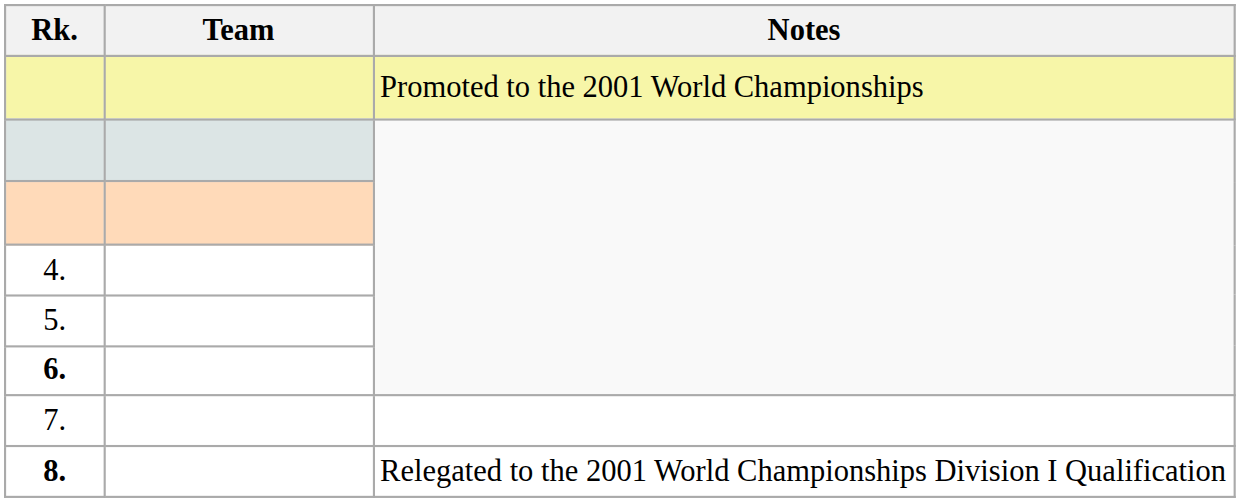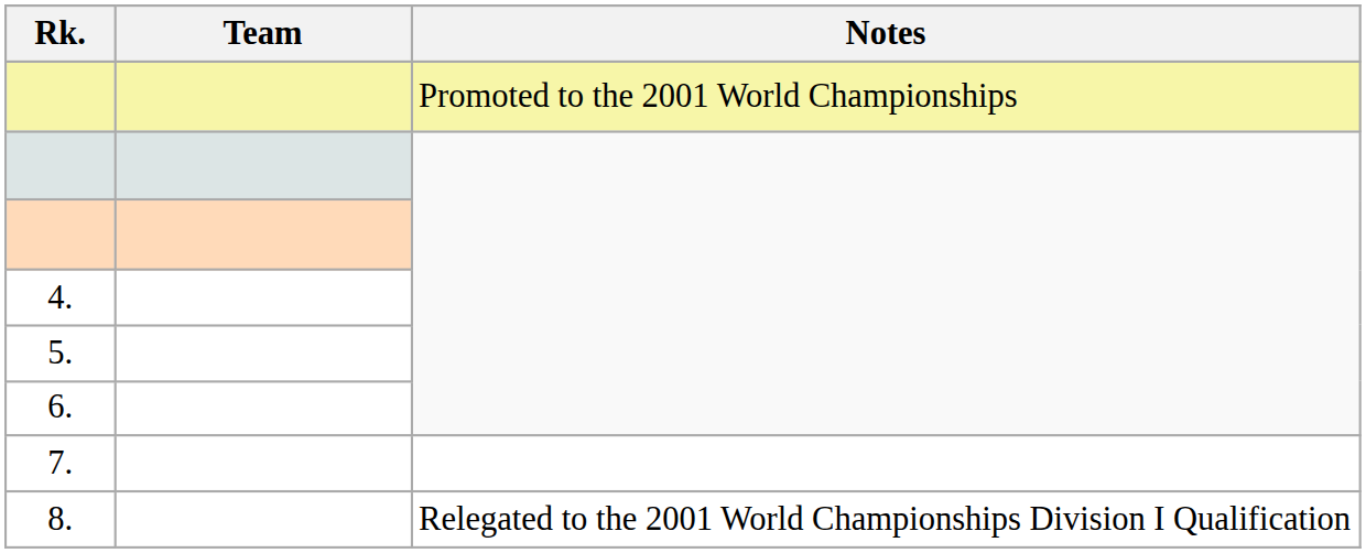 <table class="wikitable" style="border:1px solid #AAAAAA;font-size:90%">
 <tr bgcolor="#E4E4E4">
 <th style="border-bottom:1px solid #AAAAAA" width=40>Rk.</th>
 <th style="border-bottom:1px solid #AAAAAA" width=120>Team</th>
 <th style="border-bottom:1px solid #AAAAAA" width=400>Notes</th>
 </tr>
 <tr bgcolor="#F7F6A8">
 <td align="center" style="height:23px"></td>
 <td><strong></strong></td>
 <td>Promoted to the 2001 World Championships</td>
 </tr>
 <tr bgcolor="#DCE5E5">
 <td align="center" style="height:23px"></td>
 <td></td>
 </tr>
 <tr bgcolor="#FFDAB9">
 <td align="center" style="height:23px"></td>
 <td></td>
 </tr>
 <tr style="background:#ffffff;">
 <td align="center">4.</td>
 <td></td>
 </tr>
 <tr style="background:#ffffff;">
 <td align="center">5.</td>
 <td></td>
 </tr>
 <tr style="background:#ffffff;">
-<td align="center"><strong>6.</strong></td>
+<td align="center">6.</td>
 <td></td>
 </tr>
 <tr style="background:#ffffff;">
 <td align="center">7.</td>
 <td></td>
 <td></td>
 </tr>
 <tr style="background:#ffffff;">
-<td align="center"><strong>8.</strong></td>
+<td align="center">8.</td>
 <td></td>
 <td>Relegated to the 2001 World Championships Division I Qualification</td>
 </tr>
 </table>
